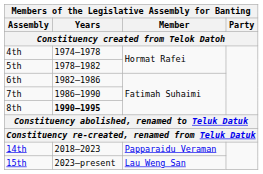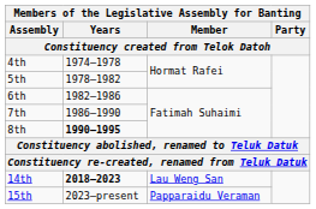 <table class=wikitable>
 <tr>
 <th colspan=4>Members of the Legislative Assembly for Banting</th>
 </tr>
 <tr>
 <th>Assembly</th>
 <th>Years</th>
 <th>Member</th>
 <th>Party</th>
 </tr>
 <tr>
 <th colspan=4 align=center><em>Constituency created from Telok Datoh</em></th>
 </tr>
 <tr>
 <td>4th</td>
 <td>1974–1978</td>
 <td rowspan=2>Hormat Rafei</td>
 <td rowspan=5></td>
 </tr>
 <tr>
 <td>5th</td>
 <td>1978–1982</td>
 </tr>
 <tr>
 <td>6th</td>
 <td>1982–1986</td>
 <td rowspan=3>Fatimah Suhaimi</td>
 </tr>
 <tr>
 <td>7th</td>
 <td>1986–1990</td>
 </tr>
 <tr>
 <td>8th</td>
 <td><strong>1990–1995</strong></td>
 </tr>
 <tr>
 <th colspan=4 align=center><em>Constituency abolished, renamed to <a href='#'>Teluk Datuk</a></em></th>
 </tr>
 <tr>
 <th colspan=4 align=center><em>Constituency re-created, renamed from <a href='#'>Teluk Datuk</a></em></th>
 </tr>
 <tr>
 <td><a href='#'>14th</a></td>
-<td>2018–2023</td>
-<td><a href='#'>Papparaidu Veraman</a></td>
+<td><strong>2018–2023</strong></td>
+<td><a href='#'>Lau Weng San</a></td>
 <td rowspan="2"></td>
 </tr>
 <tr>
 <td><a href='#'>15th</a></td>
 <td>2023–present</td>
-<td><a href='#'>Lau Weng San</a></td>
+<td><a href='#'>Papparaidu Veraman</a></td>
 </tr>
 </table>
